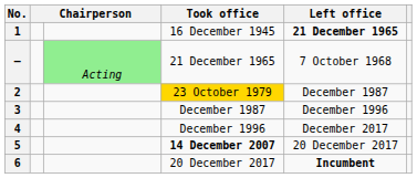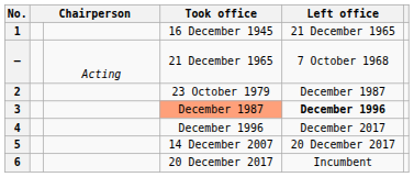 <table class="wikitable" style="text-align: center; border-collapse: collapse;">
 <tr>
 <th>No.</th>
 <th colspan="2" width="150">Chairperson</th>
 <th align="center" width="140">Took office</th>
 <th align="center" width="140">Left office</th>
 <th></th>
 </tr>
 <tr>
 <th><strong>1</strong></th>
 <td align="center"></td>
 <td align="center"><br></td>
 <td align="center">16 December 1945</td>
-<td align="center"><strong>21 December 1965</strong></td>
+<td align="center">21 December 1965</td>
 <td></td>
 </tr>
 <tr>
 <th>–</th>
 <td align="center"></td>
-<td align="center" style="background: lightgreen;"><br><br><em>Acting</em></td>
+<td align="center"><br><br><em>Acting</em></td>
 <td align="center">21 December 1965</td>
 <td align="center">7 October 1968</td>
 <td></td>
 </tr>
 <tr>
 <th><strong>2</strong></th>
 <td align="center"></td>
 <td align="center"><br></td>
-<td align="center" style="background: gold;">23 October 1979</td>
+<td align="center">23 October 1979</td>
 <td align="center">December 1987</td>
 <td></td>
 </tr>
 <tr>
 <th><strong>3</strong></th>
 <td align="center"></td>
 <td align="center"><br></td>
-<td align="center">December 1987</td>
-<td align="center">December 1996</td>
+<td align="center" style="background: lightsalmon;">December 1987</td>
+<td align="center"><strong>December 1996</strong></td>
 <td></td>
 </tr>
 <tr>
 <th><strong>4</strong></th>
 <td align="center"></td>
 <td align="center"><br></td>
 <td align="center">December 1996</td>
 <td align="center">December 2017</td>
 <td></td>
 </tr>
 <tr>
 <th><strong>5</strong></th>
 <td></td>
 <td><br></td>
-<td><strong>14 December 2007</strong></td>
+<td>14 December 2007</td>
 <td>20 December 2017</td>
 <td></td>
 </tr>
 <tr>
 <th>6</th>
 <td></td>
 <td><br></td>
 <td>20 December 2017</td>
-<td><strong>Incumbent</strong></td>
+<td>Incumbent</td>
 <td></td>
 </tr>
 </table>
